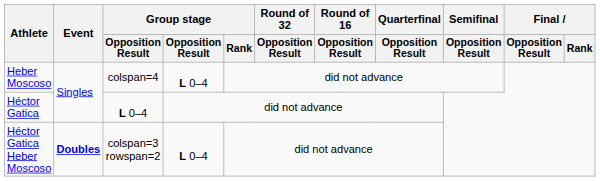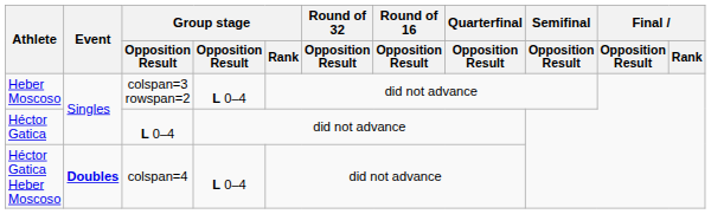 <table class=wikitable style=font-size:90%;text-align:center>
 <tr>
 <th rowspan=2>Athlete</th>
 <th rowspan=2>Event</th>
 <th colspan=3>Group stage</th>
 <th>Round of 32</th>
 <th>Round of 16</th>
 <th>Quarterfinal</th>
 <th>Semifinal</th>
 <th colspan=2>Final / </th>
 </tr>
 <tr style=font-size:95%>
 <th>Opposition<br>Result</th>
 <th>Opposition<br>Result</th>
 <th>Rank</th>
 <th>Opposition<br>Result</th>
 <th>Opposition<br>Result</th>
 <th>Opposition<br>Result</th>
 <th>Opposition<br>Result</th>
 <th>Opposition<br>Result</th>
 <th>Rank</th>
 </tr>
 <tr>
 <td align=left><a href='#'>Heber Moscoso</a></td>
 <td align=left rowspan=2><a href='#'>Singles</a></td>
-<td>colspan=4 </td>
+<td>colspan=3 rowspan=2 </td>
 <td><br><strong>L</strong> 0–4</td>
 <td colspan=5>did not advance</td>
 </tr>
 <tr>
 <td align=left><a href='#'>Héctor Gatica</a></td>
 <td><br><strong>L</strong> 0–4</td>
 <td colspan=5>did not advance</td>
 </tr>
 <tr>
 <td align=left><a href='#'>Héctor Gatica</a><br><a href='#'>Heber Moscoso</a></td>
 <td align=left><strong><a href='#'>Doubles</a></strong></td>
-<td>colspan=3 rowspan=2 </td>
+<td>colspan=4 </td>
 <td><br><strong>L</strong> 0–4</td>
 <td colspan=4>did not advance</td>
 </tr>
 </table>
